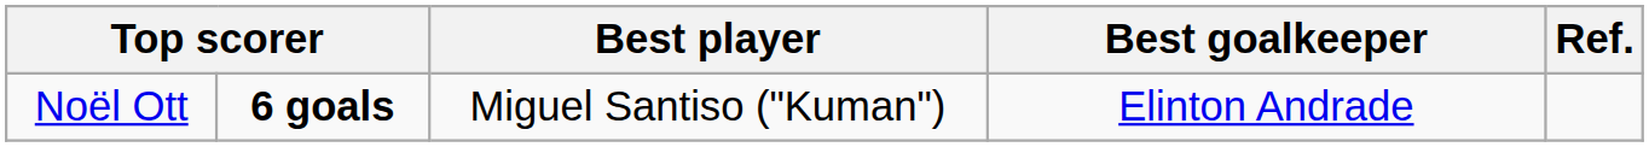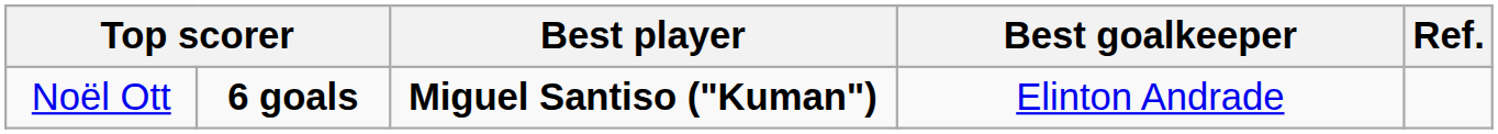 <table class="wikitable" style="text-align: center; font-size: 97%;">
 <tr>
 <th colspan=2 width=200>Top scorer</th>
 <th width=200>Best player</th>
 <th width=200>Best goalkeeper</th>
 <th>Ref.</th>
 </tr>
 <tr align=center style="background:">
 <td style="text-align:center;"> <a href='#'>Noël Ott</a></td>
 <td><strong>6 goals</strong></td>
-<td> Miguel Santiso ("Kuman")</td>
+<td><strong> Miguel Santiso ("Kuman")</strong></td>
 <td> <a href='#'>Elinton Andrade</a></td>
 <td></td>
 </tr>
 </table>
